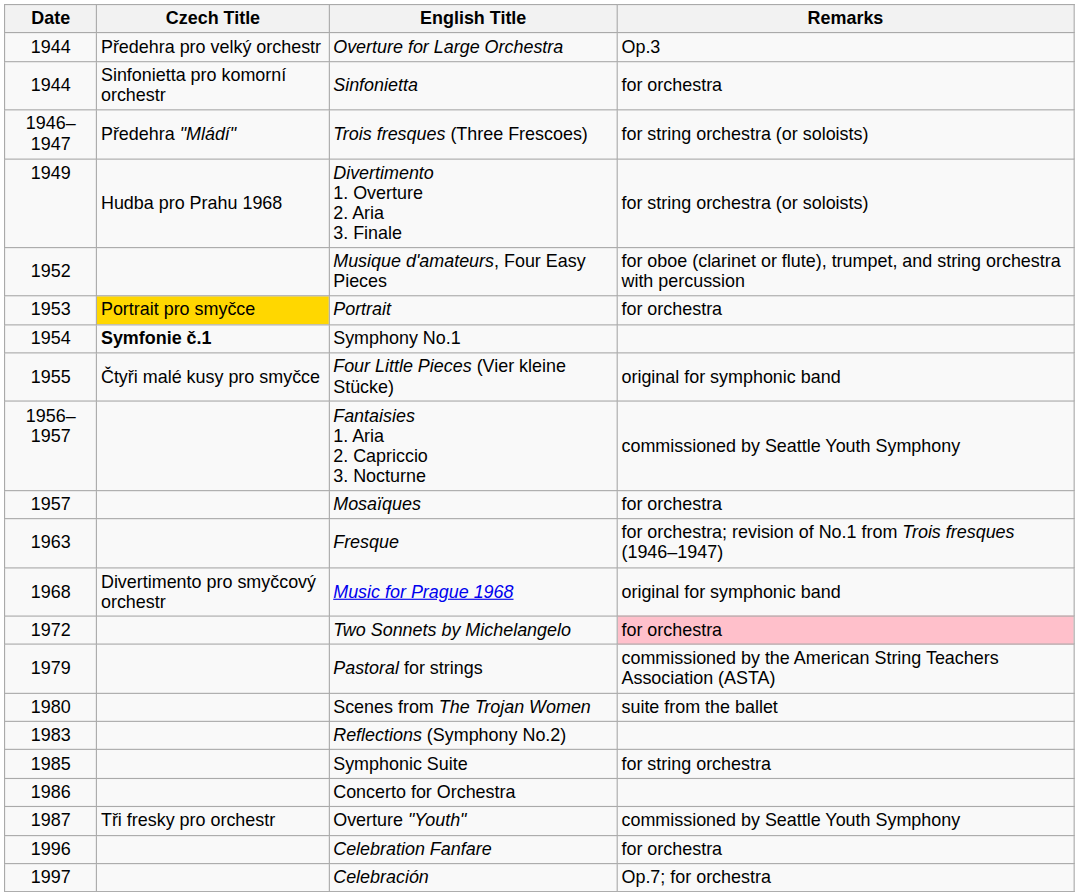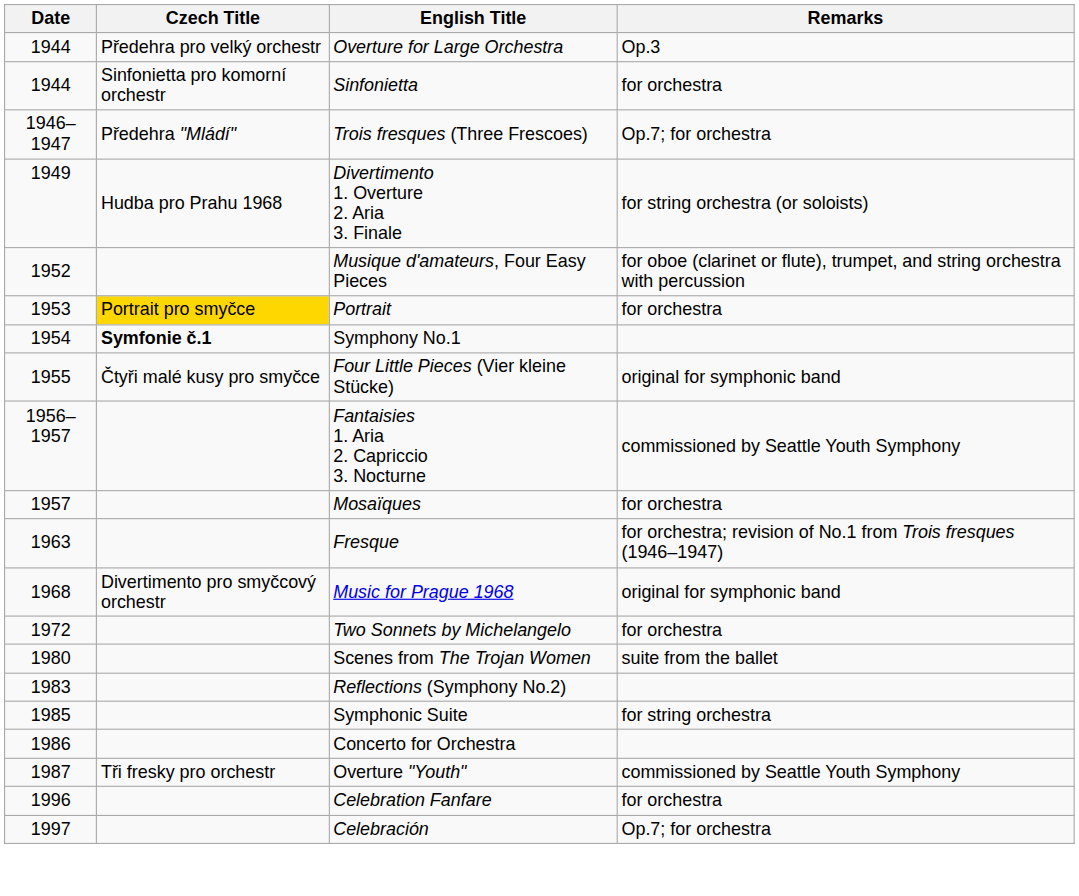 <table class="wikitable" style="margins:auto; width=95%;">
 <tr>
 <th width="75">Date</th>
 <th width="200">Czech Title</th>
 <th width="250">English Title</th>
 <th width="400">Remarks</th>
 </tr>
 <tr>
 <td align=center>1944</td>
 <td>Předehra pro velký orchestr</td>
 <td><em>Overture for Large Orchestra</em></td>
 <td>Op.3</td>
 </tr>
 <tr>
 <td align=center>1944</td>
 <td>Sinfonietta pro komorní orchestr</td>
 <td><em>Sinfonietta</em></td>
 <td>for orchestra</td>
 </tr>
 <tr>
 <td align=center>1946–1947</td>
 <td>Předehra <em>"Mládí"</em></td>
 <td><em>Trois fresques</em> (Three Frescoes)</td>
-<td>for string orchestra (or soloists)</td>
+<td>Op.7; for orchestra</td>
 </tr>
 <tr>
 <td align=center valign="top">1949</td>
 <td>Hudba pro Prahu 1968</td>
 <td><em>Divertimento</em> <br>   1. Overture <br>   2. Aria <br>   3. Finale</td>
 <td>for string orchestra (or soloists)</td>
 </tr>
 <tr>
 <td align=center>1952</td>
 <td> </td>
 <td><em>Musique d'amateurs</em>, Four Easy Pieces</td>
 <td>for oboe (clarinet or flute), trumpet, and string orchestra with percussion</td>
 </tr>
 <tr>
 <td align=center>1953</td>
 <td style="background: gold;">Portrait pro smyčce</td>
 <td><em>Portrait</em></td>
 <td>for orchestra</td>
 </tr>
 <tr>
 <td align=center>1954</td>
 <td><strong>Symfonie č.1</strong></td>
 <td>Symphony No.1</td>
 <td> </td>
 </tr>
 <tr>
 <td align=center>1955</td>
 <td>Čtyři malé kusy pro smyčce</td>
 <td><em>Four Little Pieces</em> (Vier kleine Stücke)</td>
 <td>original for symphonic band</td>
 </tr>
 <tr>
 <td align=center valign="top">1956–1957</td>
 <td> </td>
 <td><em>Fantaisies</em> <br>   1. Aria <br>   2. Capriccio <br>   3. Nocturne</td>
 <td>commissioned by Seattle Youth Symphony</td>
 </tr>
 <tr>
 <td align=center>1957</td>
 <td> </td>
 <td><em>Mosaïques</em></td>
 <td>for orchestra</td>
 </tr>
 <tr>
 <td align=center>1963</td>
 <td> </td>
 <td><em>Fresque</em></td>
 <td>for orchestra; revision of No.1 from <em>Trois fresques</em> (1946–1947)</td>
 </tr>
 <tr>
 <td align=center>1968</td>
 <td valign="top">Divertimento pro smyčcový orchestr</td>
 <td><em><a href='#'>Music for Prague 1968</a></em></td>
 <td>original for symphonic band</td>
 </tr>
 <tr>
 <td align=center>1972</td>
 <td> </td>
 <td><em>Two Sonnets by Michelangelo</em></td>
-<td style="background: pink;">for orchestra</td>
-</tr>
-<tr>
-<td align=center>1979</td>
-<td> </td>
-<td><em>Pastoral</em> for strings</td>
-<td>commissioned by the American String Teachers Association (ASTA)</td>
+<td>for orchestra</td>
 </tr>
 <tr>
 <td align=center>1980</td>
 <td> </td>
 <td>Scenes from <em>The Trojan Women</em></td>
 <td>suite from the ballet</td>
 </tr>
 <tr>
 <td align=center>1983</td>
 <td> </td>
 <td><em>Reflections</em> (Symphony No.2)</td>
 <td> </td>
 </tr>
 <tr>
 <td align=center>1985</td>
 <td> </td>
 <td>Symphonic Suite</td>
 <td>for string orchestra</td>
 </tr>
 <tr>
 <td align=center>1986</td>
 <td> </td>
 <td>Concerto for Orchestra</td>
 <td> </td>
 </tr>
 <tr>
 <td align=center>1987</td>
 <td>Tři fresky pro orchestr</td>
 <td>Overture <em>"Youth"</em></td>
 <td>commissioned by Seattle Youth Symphony</td>
 </tr>
 <tr>
 <td align=center>1996</td>
 <td> </td>
 <td><em>Celebration Fanfare</em></td>
 <td>for orchestra</td>
 </tr>
 <tr>
 <td align=center>1997</td>
 <td> </td>
 <td><em>Celebración</em></td>
 <td>Op.7; for orchestra</td>
 </tr>
 </table>
